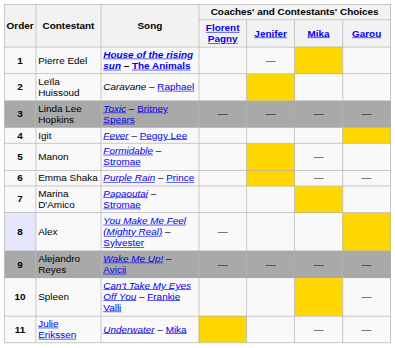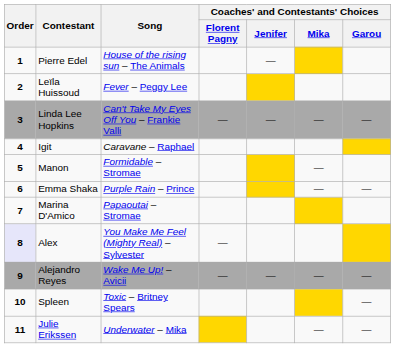 <table class="wikitable" style="width:100%;">
 <tr>
 <th rowspan=2>Order</th>
 <th rowspan=2>Contestant</th>
 <th rowspan=2>Song</th>
 <th colspan=4>Coaches' and Contestants' Choices</th>
 </tr>
 <tr>
 <th width="70"><a href='#'>Florent Pagny</a></th>
 <th width="70"><a href='#'>Jenifer</a></th>
 <th width="70"><a href='#'>Mika</a></th>
 <th width="70"><a href='#'>Garou</a></th>
 </tr>
 <tr>
 <td style="text-align:center;"><strong>1</strong></td>
 <td>Pierre Edel</td>
-<td><strong><em><a href='#'>House of the rising sun</a></em> – <a href='#'>The Animals</a></strong></td>
+<td><em><a href='#'>House of the rising sun</a></em> – <a href='#'>The Animals</a></td>
 <td style="text-align:center;"></td>
 <td style="text-align:center;">—</td>
 <td style="background:gold;text-align:center;"></td>
 <td style="text-align:center;"></td>
 </tr>
 <tr>
 <td style="text-align:center;"><strong>2</strong></td>
 <td>Leïla Huissoud</td>
-<td><em>Caravane</em> – <a href='#'>Raphael</a></td>
+<td><em><a href='#'>Fever</a></em> – <a href='#'>Peggy Lee</a></td>
 <td style="text-align:center;"></td>
 <td style="background:gold;text-align:center;"></td>
 <td style="text-align:center;"></td>
 <td style="text-align:center;"></td>
 </tr>
 <tr style="background:darkgrey;">
 <td style="text-align:center;"><strong>3</strong></td>
 <td style="text-align:left;">Linda Lee Hopkins</td>
-<td><em><a href='#'>Toxic</a></em> – <a href='#'>Britney Spears</a></td>
+<td style="text-align:left;"><em><a href='#'>Can't Take My Eyes Off You</a></em> – <a href='#'>Frankie Valli</a></td>
 <td style="text-align:center;">—</td>
 <td style="text-align:center;">—</td>
 <td style="text-align:center;">—</td>
 <td style="text-align:center;">—</td>
 </tr>
 <tr>
 <td style="text-align:center;"><strong>4</strong></td>
 <td>Igit</td>
-<td><em><a href='#'>Fever</a></em> – <a href='#'>Peggy Lee</a></td>
+<td><em>Caravane</em> – <a href='#'>Raphael</a></td>
 <td style="text-align:center;"></td>
 <td style="text-align:center;"></td>
 <td style="text-align:center;"></td>
 <td style="background:gold;text-align:center;"></td>
 </tr>
 <tr>
 <td style="text-align:center;"><strong>5</strong></td>
 <td>Manon</td>
 <td><em><a href='#'>Formidable</a></em> – <a href='#'>Stromae</a></td>
 <td style="text-align:center;"></td>
 <td style="background:gold;text-align:center;"></td>
 <td style="text-align:center;">—</td>
 <td style="text-align:center;"></td>
 </tr>
 <tr>
 <td style="text-align:center;"><strong>6</strong></td>
 <td>Emma Shaka</td>
 <td><em><a href='#'>Purple Rain</a></em> – <a href='#'>Prince</a></td>
 <td style="text-align:center;"></td>
 <td style="background:gold;text-align:center;"></td>
 <td style="text-align:center;">—</td>
 <td style="text-align:center;">—</td>
 </tr>
 <tr>
 <td style="text-align:center;"><strong>7</strong></td>
 <td>Marina D'Amico</td>
 <td><em><a href='#'>Papaoutai</a></em> – <a href='#'>Stromae</a></td>
 <td style="text-align:center;"></td>
 <td style="text-align:center;"></td>
 <td style="background:gold;text-align:center;"></td>
 <td style="text-align:center;"></td>
 </tr>
 <tr>
 <td style="background: lavender; text-align:center;"><strong>8</strong></td>
 <td>Alex</td>
 <td><em><a href='#'>You Make Me Feel (Mighty Real)</a></em> – <a href='#'>Sylvester</a></td>
 <td style="text-align:center;">—</td>
 <td style="text-align:center;"></td>
 <td style="text-align:center;"></td>
 <td style="background:gold;text-align:center;"></td>
 </tr>
 <tr style="background:darkgrey;">
 <td style="text-align:center;"><strong>9</strong></td>
 <td style="text-align:left;">Alejandro Reyes</td>
 <td style="text-align:left;"><em><a href='#'>Wake Me Up!</a></em> – <a href='#'>Avicii</a></td>
 <td style="text-align:center;">—</td>
 <td style="text-align:center;">—</td>
 <td style="text-align:center;">—</td>
 <td style="text-align:center;">—</td>
 </tr>
 <tr>
 <td style="text-align:center;"><strong>10</strong></td>
 <td>Spleen</td>
-<td style="text-align:left;"><em><a href='#'>Can't Take My Eyes Off You</a></em> – <a href='#'>Frankie Valli</a></td>
+<td><em><a href='#'>Toxic</a></em> – <a href='#'>Britney Spears</a></td>
 <td style="text-align:center;"></td>
 <td style="text-align:center;"></td>
 <td style="background:gold;text-align:center;"></td>
 <td style="text-align:center;">—</td>
 </tr>
 <tr>
 <td style="text-align:center;"><strong>11</strong></td>
 <td><a href='#'>Julie Erikssen</a></td>
 <td><em><a href='#'>Underwater</a></em> – <a href='#'>Mika</a></td>
 <td style="background:gold;text-align:center;"></td>
 <td style="text-align:center;"></td>
 <td style="text-align:center;">—</td>
 <td style="text-align:center;">—</td>
 </tr>
 </table>
